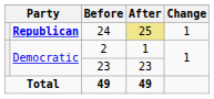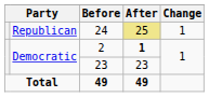 <table class="wikitable" style="text-align:center;">
 <tr>
 </tr>
 <tr>
 <th colspan=2>Party</th>
 <th>Before</th>
 <th>After</th>
 <th>Change</th>
 </tr>
 <tr>
 <th style="background-color:"></th>
-<td style="text-align:left;"><strong><a href='#'>Republican</a></strong></td>
+<td style="text-align:left;"><a href='#'>Republican</a></td>
 <td>24</td>
 <td style="background: khaki;">25</td>
 <td> 1</td>
 </tr>
 <tr>
 <th rowspan=2 style="background-color:"></th>
 <td rowspan=2 style="text-align:left;"><a href='#'>Democratic</a></td>
 <td>2</td>
-<td>1</td>
+<td><strong>1</strong></td>
 <td rowspan=2> 1</td>
 </tr>
 <tr>
 <td>23</td>
 <td>23</td>
 </tr>
 <tr>
 <td colspan=2><strong>Total</strong></td>
 <td><strong>49</strong></td>
 <td><strong>49</strong></td>
 <td></td>
 </tr>
 </table>
